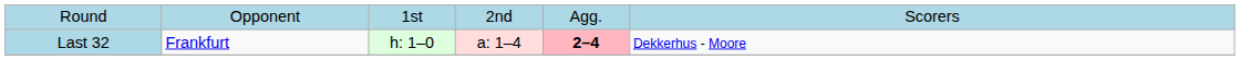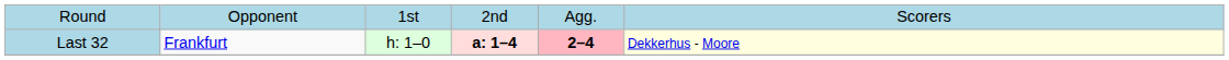 <table class="wikitable" style="text-align:center">
 <tr bgcolor=lightblue>
 <td width=150px>Round</td>
 <td width=200px>Opponent</td>
 <td width=80px>1st</td>
 <td width=80px>2nd</td>
 <td width=80px>Agg.</td>
 <td width=600px>Scorers</td>
 </tr>
 <tr>
 <td bgcolor=lightblue>Last 32</td>
 <td align=left> <a href='#'>Frankfurt</a></td>
 <td bgcolor="#ddffdd">h: 1–0</td>
-<td bgcolor="#ffdddd">a: 1–4</td>
+<td bgcolor="#ffdddd"><strong>a: 1–4</strong></td>
 <td bgcolor=lightpink><strong>2–4</strong></td>
-<td align=left><small><a href='#'>Dekkerhus</a> - <a href='#'>Moore</a></small></td>
+<td align=left style="background: lightyellow;"><small><a href='#'>Dekkerhus</a> - <a href='#'>Moore</a></small></td>
 </tr>
 <tr>
 </tr>
 </table>
